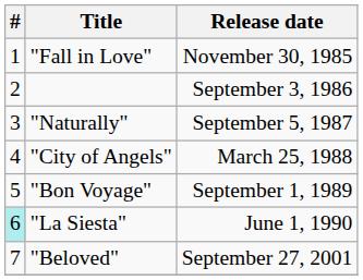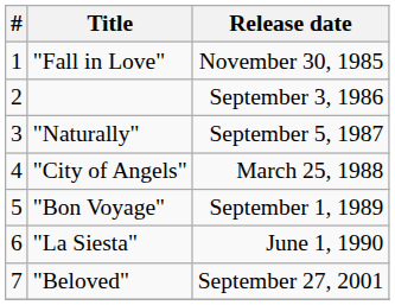 <table class="wikitable">
 <tr>
 <th>#</th>
 <th>Title</th>
 <th>Release date</th>
 </tr>
 <tr>
 <td>1</td>
 <td align="left">"Fall in Love"</td>
 <td align="right">November 30, 1985</td>
 </tr>
 <tr>
 <td>2</td>
 <td align="left"></td>
 <td align="right">September 3, 1986</td>
 </tr>
 <tr>
 <td>3</td>
 <td align="left">"Naturally"</td>
 <td align="right">September 5, 1987</td>
 </tr>
 <tr>
 <td>4</td>
 <td align="left">"City of Angels"</td>
 <td align="right">March 25, 1988</td>
 </tr>
 <tr>
 <td>5</td>
 <td align="left">"Bon Voyage"</td>
 <td align="right">September 1, 1989</td>
 </tr>
 <tr>
-<td style="background: paleturquoise;">6</td>
+<td>6</td>
 <td align="left">"La Siesta"</td>
 <td align="right">June 1, 1990</td>
 </tr>
 <tr>
 <td>7</td>
 <td align="left">"Beloved"</td>
 <td align="right">September 27, 2001</td>
 </tr>
 <tr>
 </tr>
 </table>
